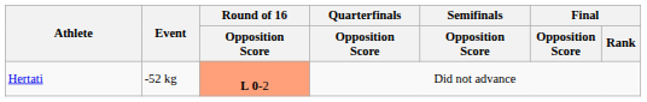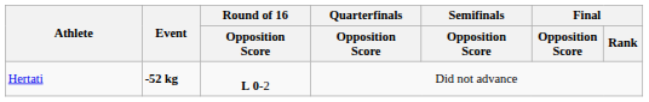 <table class=wikitable style="font-size:90%; text-align:center">
 <tr>
 <th width=150 rowspan="2">Athlete</th>
 <th width=60 rowspan="2">Event</th>
 <th width=120>Round of 16</th>
 <th width=120>Quarterfinals</th>
 <th width=120>Semifinals</th>
 <th width=120 colspan="2">Final</th>
 </tr>
 <tr>
 <th>Opposition<br>Score</th>
 <th>Opposition<br>Score</th>
 <th>Opposition<br>Score</th>
 <th>Opposition<br>Score</th>
 <th>Rank</th>
 </tr>
 <tr>
 <td align=left><a href='#'>Hertati</a></td>
-<td align=left>-52 kg</td>
-<td style="background: lightsalmon;"> <br><strong>L</strong> <strong>0</strong>-2</td>
+<td align=left><strong>-52 kg</strong></td>
+<td> <br><strong>L</strong> <strong>0</strong>-2</td>
 <td colspan="4" align="center">Did not advance</td>
 </tr>
 </table>
